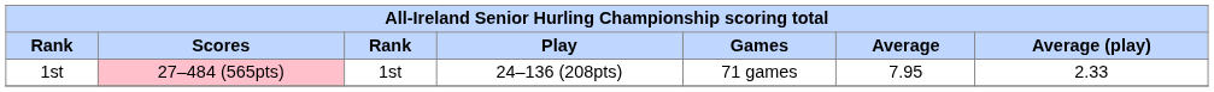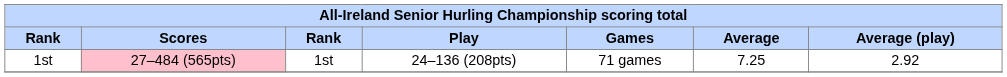 <table border=1 cellpadding=3 width="70%" style="margin-left:1em; color: black; border-collapse: collapse;">
 <tr>
 <th colspan="7" bgcolor="BFD7FF">All-Ireland Senior Hurling Championship scoring total</th>
 </tr>
 <tr>
 <th bgcolor="BFD7FF">Rank</th>
 <th bgcolor="BFD7FF">Scores</th>
 <th bgcolor="BFD7FF">Rank</th>
 <th bgcolor="BFD7FF">Play</th>
 <th bgcolor="BFD7FF">Games</th>
 <th bgcolor="BFD7FF">Average</th>
 <th bgcolor="BFD7FF">Average (play)</th>
 </tr>
 <tr>
 <td style="text-align: center;">1st</td>
 <td style="background: pink; text-align: center;">27–484 (565pts)</td>
 <td style="text-align: center;">1st</td>
 <td style="text-align: center;">24–136 (208pts)</td>
 <td style="text-align: center;">71 games</td>
-<td style="text-align: center;">7.95</td>
-<td style="text-align: center;">2.33</td>
+<td style="text-align: center;">7.25</td>
+<td style="text-align: center;">2.92</td>
 </tr>
 <tr>
 </tr>
 </table>
